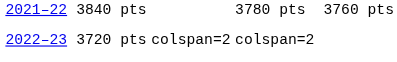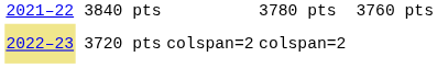 <table>
 <tr>
 <td><a href='#'>2021–22</a></td>
 <td></td>
 <td>3840 pts</td>
 <td></td>
 <td>3780 pts</td>
 <td></td>
 <td>3760 pts</td>
 </tr>
 <tr>
-<td><a href='#'>2022–23</a></td>
+<td style="background: khaki;"><a href='#'>2022–23</a></td>
 <td><br><br></td>
 <td>3720 pts</td>
 <td>colspan=2 </td>
 <td>colspan=2 </td>
 </tr>
 </table>
